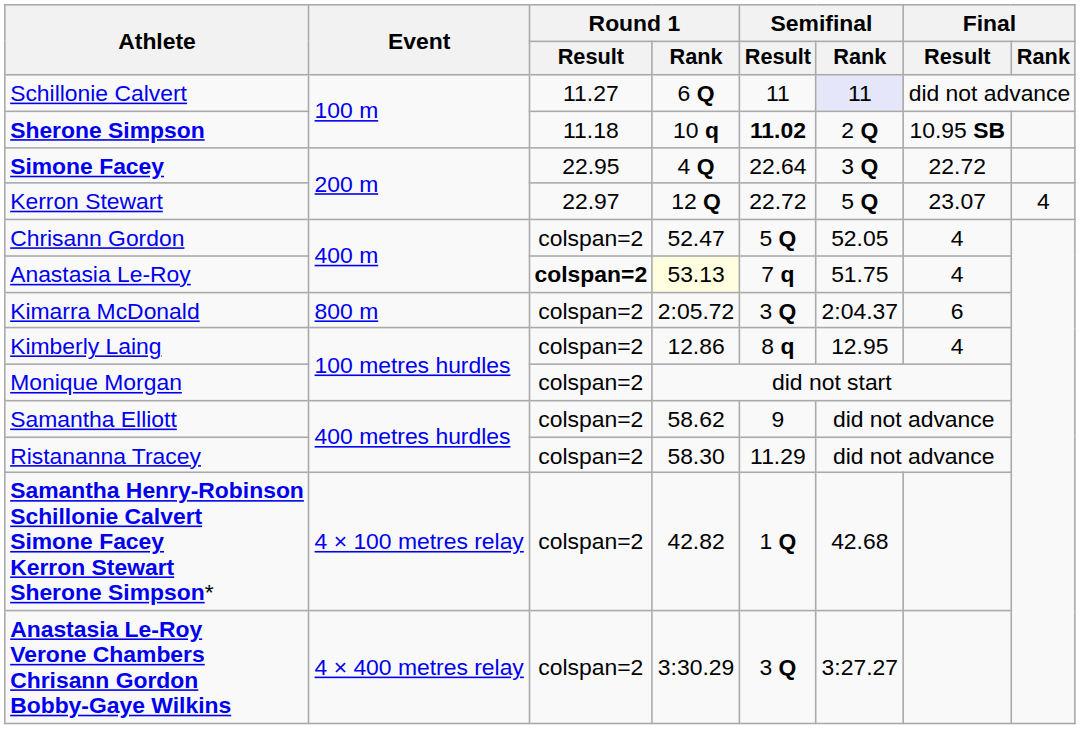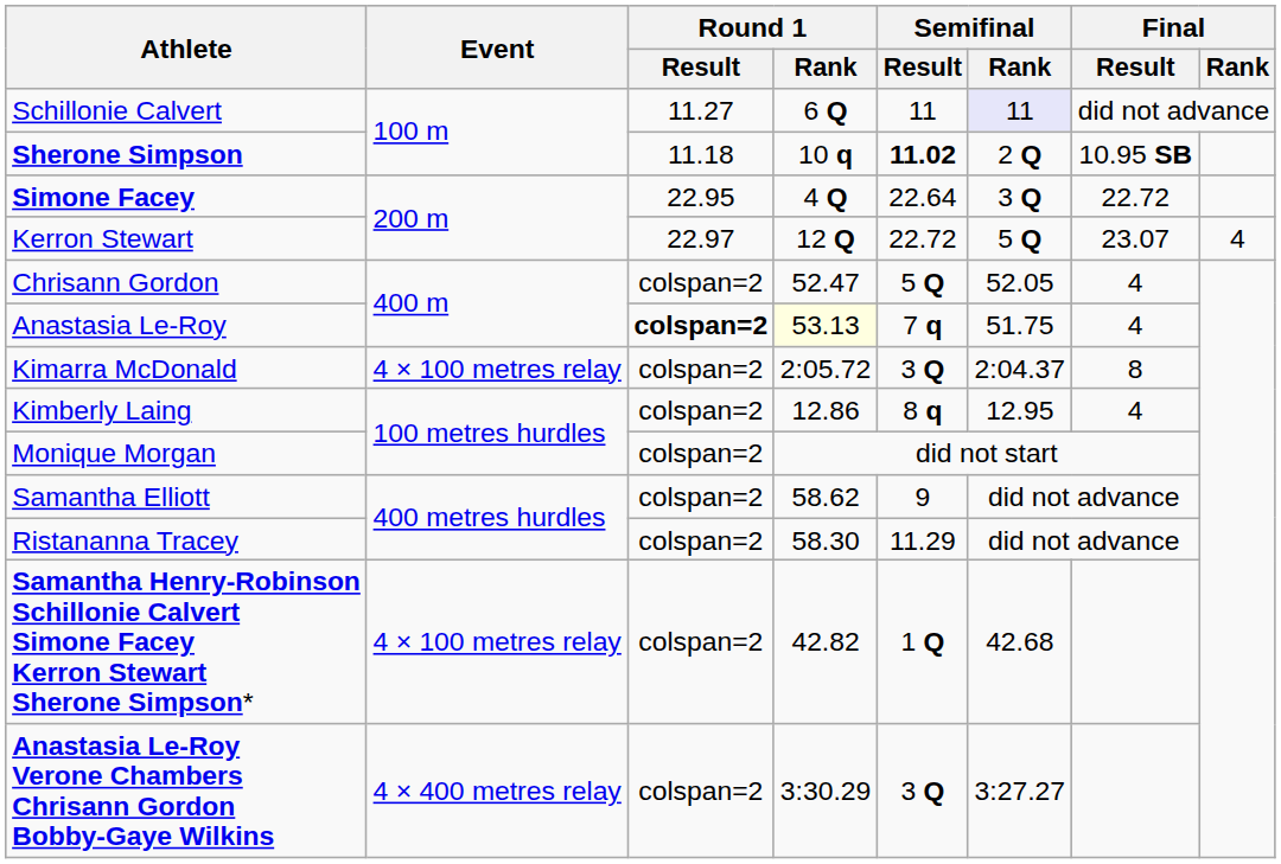 <table class=wikitable style="font-size:90%">
 <tr>
 <th rowspan="2">Athlete</th>
 <th rowspan="2">Event</th>
 <th colspan="2">Round 1</th>
 <th colspan="2">Semifinal</th>
 <th colspan="2">Final</th>
 </tr>
 <tr style="font-size:95%">
 <th>Result</th>
 <th>Rank</th>
 <th>Result</th>
 <th>Rank</th>
 <th>Result</th>
 <th>Rank</th>
 </tr>
 <tr align=center>
 <td align=left><a href='#'>Schillonie Calvert</a></td>
 <td align=left rowspan="2"><a href='#'>100 m</a></td>
 <td>11.27</td>
 <td>6 <strong>Q</strong></td>
 <td>11</td>
 <td style="background: lavender;">11</td>
 <td colspan=2>did not advance</td>
 </tr>
 <tr align=center>
 <td align=left><strong><a href='#'>Sherone Simpson</a></strong></td>
 <td>11.18</td>
 <td>10 <strong>q</strong></td>
 <td><strong>11.02</strong></td>
 <td>2 <strong>Q</strong></td>
 <td>10.95 <strong>SB</strong></td>
 <td></td>
 </tr>
 <tr align=center>
 <td align=left><strong><a href='#'>Simone Facey</a></strong></td>
 <td align=left rowspan="2"><a href='#'>200 m</a></td>
 <td>22.95</td>
 <td>4 <strong>Q</strong></td>
 <td>22.64</td>
 <td>3 <strong>Q</strong></td>
 <td>22.72</td>
 <td></td>
 </tr>
 <tr align=center>
 <td align=left><a href='#'>Kerron Stewart</a></td>
 <td>22.97</td>
 <td>12 <strong>Q</strong></td>
 <td>22.72</td>
 <td>5 <strong>Q</strong></td>
 <td>23.07</td>
 <td>4</td>
 </tr>
 <tr align=center>
 <td align=left><a href='#'>Chrisann Gordon</a></td>
 <td align=left rowspan="2"><a href='#'>400 m</a></td>
 <td>colspan=2 </td>
 <td>52.47</td>
 <td>5 <strong>Q</strong></td>
 <td>52.05</td>
 <td>4</td>
 </tr>
 <tr align=center>
 <td align=left><a href='#'>Anastasia Le-Roy</a></td>
 <td><strong>colspan=2 </strong></td>
 <td style="background: lightyellow;">53.13</td>
 <td>7 <strong>q</strong></td>
 <td>51.75</td>
 <td>4</td>
 </tr>
 <tr align=center>
 <td align=left><a href='#'>Kimarra McDonald</a></td>
-<td align=left><a href='#'>800 m</a></td>
+<td align=left><a href='#'>4 × 100 metres relay</a></td>
 <td>colspan=2 </td>
 <td>2:05.72</td>
 <td>3 <strong>Q</strong></td>
 <td>2:04.37</td>
-<td>6</td>
+<td>8</td>
 </tr>
 <tr align=center>
 <td align=left><a href='#'>Kimberly Laing</a></td>
 <td align=left rowspan="2"><a href='#'>100 metres hurdles</a></td>
 <td>colspan=2 </td>
 <td>12.86</td>
 <td>8 <strong>q</strong></td>
 <td>12.95</td>
 <td>4</td>
 </tr>
 <tr align=center>
 <td align=left><a href='#'>Monique Morgan</a></td>
 <td>colspan=2 </td>
 <td colspan=4>did not start</td>
 </tr>
 <tr align=center>
 <td align=left><a href='#'>Samantha Elliott</a></td>
 <td align=left rowspan="2"><a href='#'>400 metres hurdles</a></td>
 <td>colspan=2 </td>
 <td>58.62</td>
 <td>9</td>
 <td colspan=2>did not advance</td>
 </tr>
 <tr align=center>
 <td align=left><a href='#'>Ristananna Tracey</a></td>
 <td>colspan=2 </td>
 <td>58.30</td>
 <td>11.29</td>
 <td colspan=2>did not advance</td>
 </tr>
 <tr align=center>
 <td align=left><strong><a href='#'>Samantha Henry-Robinson</a><br><a href='#'>Schillonie Calvert</a><br><a href='#'>Simone Facey</a><br><a href='#'>Kerron Stewart</a><br><a href='#'>Sherone Simpson</a></strong>*</td>
 <td align=left><a href='#'>4 × 100 metres relay</a></td>
 <td>colspan=2 </td>
 <td>42.82</td>
 <td>1 <strong>Q</strong></td>
 <td>42.68</td>
 <td></td>
 </tr>
 <tr align=center>
 <td align=left><strong><a href='#'>Anastasia Le-Roy</a><br><a href='#'>Verone Chambers</a><br><a href='#'>Chrisann Gordon</a><br><a href='#'>Bobby-Gaye Wilkins</a></strong></td>
 <td align=left><a href='#'>4 × 400 metres relay</a></td>
 <td>colspan=2 </td>
 <td>3:30.29</td>
 <td>3 <strong>Q</strong></td>
 <td>3:27.27</td>
 <td></td>
 </tr>
 </table>
